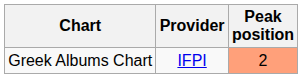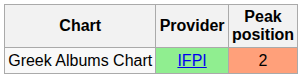 <table class="wikitable sortable">
 <tr>
 <th>Chart</th>
 <th>Provider</th>
 <th>Peak<br>position</th>
 </tr>
 <tr>
 <td>Greek Albums Chart</td>
-<td align="center"><a href='#'>IFPI</a></td>
+<td align="center" style="background: lightgreen;"><a href='#'>IFPI</a></td>
 <td align="center" style="background: lightsalmon;">2</td>
 </tr>
 <tr>
 </tr>
 </table>
